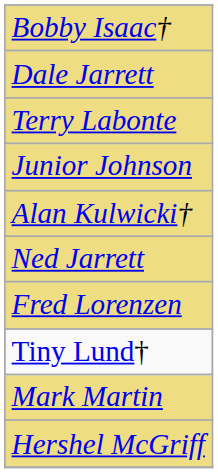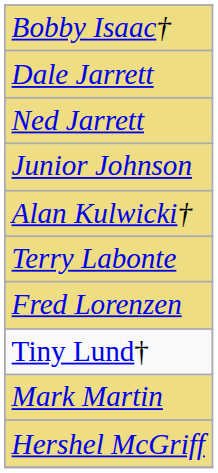 <table class="wikitable" style="float:left;">
 <tr>
 <td style="background:#eedd82"><em><a href='#'>Bobby Isaac</a>†</em></td>
 </tr>
 <tr>
 <td style="background:#eedd82"><em><a href='#'>Dale Jarrett</a></em></td>
 </tr>
 <tr>
-<td style="background:#eedd82"><em><a href='#'>Terry Labonte</a></em></td>
+<td style="background:#eedd82"><em><a href='#'>Ned Jarrett</a></em></td>
 </tr>
 <tr>
 <td style="background:#eedd82"><em><a href='#'>Junior Johnson</a></em></td>
 </tr>
 <tr>
 <td style="background:#eedd82"><em><a href='#'>Alan Kulwicki</a>†</em></td>
 </tr>
 <tr>
-<td style="background:#eedd82"><em><a href='#'>Ned Jarrett</a></em></td>
+<td style="background:#eedd82"><em><a href='#'>Terry Labonte</a></em></td>
 </tr>
 <tr>
 <td style="background:#eedd82"><em><a href='#'>Fred Lorenzen</a></em></td>
 </tr>
 <tr>
 <td><a href='#'>Tiny Lund</a>†</td>
 </tr>
 <tr>
 <td style="background:#eedd82"><em><a href='#'>Mark Martin</a></em></td>
 </tr>
 <tr>
 <td style="background:#eedd82"><em><a href='#'>Hershel McGriff</a></em></td>
 </tr>
 <tr>
 </tr>
 </table>
